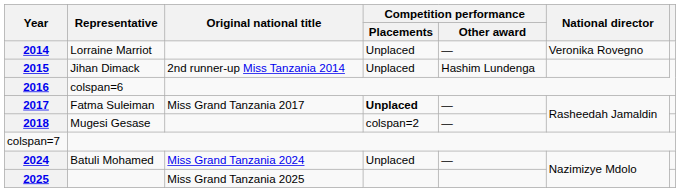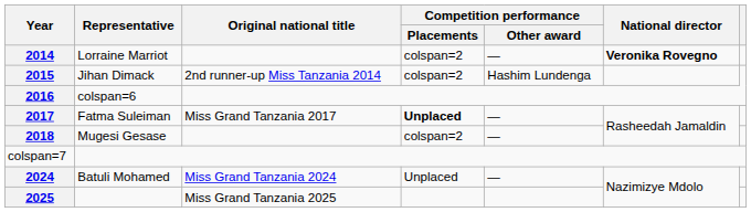 <table class="wikitable defaultcenter col2left" style="font-size:95%; width:100%">
 <tr>
 <th rowspan=2>Year</th>
 <th rowspan=2>Representative</th>
 <th rowspan=2>Original national title</th>
 <th colspan=2>Competition performance</th>
 <th rowspan=2>National director</th>
 <th rowspan=2></th>
 </tr>
 <tr>
 <th>Placements</th>
 <th>Other award</th>
 </tr>
 <tr>
 <th><a href='#'>2014</a></th>
 <td>Lorraine Marriot</td>
 <td></td>
-<td>Unplaced</td>
+<td>colspan=2 </td>
 <td>—</td>
-<td>Veronika Rovegno</td>
+<td><strong>Veronika Rovegno</strong></td>
 <td></td>
 </tr>
 <tr>
 <th><a href='#'>2015</a></th>
 <td>Jihan Dimack</td>
 <td>2nd runner-up <a href='#'>Miss Tanzania 2014</a></td>
-<td>Unplaced</td>
+<td>colspan=2 </td>
 <td>Hashim Lundenga</td>
 <td></td>
 </tr>
 <tr>
 <th><a href='#'>2016</a></th>
 <td>colspan=6 </td>
 </tr>
 <tr>
 <th><a href='#'>2017</a></th>
 <td>Fatma Suleiman</td>
 <td>Miss Grand Tanzania 2017</td>
 <td><strong>Unplaced</strong></td>
 <td>—</td>
 <td rowspan=2>Rasheedah Jamaldin</td>
 <td></td>
 </tr>
 <tr>
 <th><a href='#'>2018</a></th>
 <td>Mugesi Gesase</td>
 <td></td>
 <td>colspan=2 </td>
 <td>—</td>
 <td></td>
 </tr>
 <tr>
 <td>colspan=7 </td>
 </tr>
 <tr>
 <th><a href='#'>2024</a></th>
 <td>Batuli Mohamed</td>
 <td><a href='#'>Miss Grand Tanzania 2024</a></td>
 <td>Unplaced</td>
 <td>—</td>
 <td rowspan=2>Nazimizye Mdolo</td>
 <td></td>
 </tr>
 <tr>
 <th><a href='#'>2025</a></th>
 <td></td>
 <td>Miss Grand Tanzania 2025</td>
 <td></td>
 <td></td>
 <td></td>
 </tr>
 </table>
